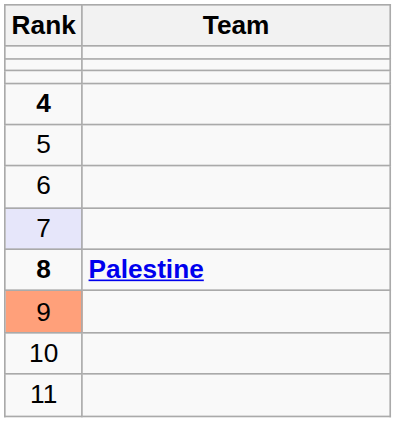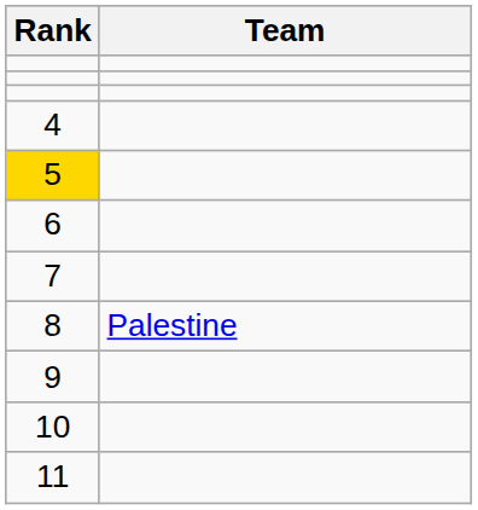 <table class="wikitable" style="text-align: center;">
 <tr>
 <th width=40>Rank</th>
 <th width=180>Team</th>
 </tr>
 <tr>
 <td></td>
 <td align="left"></td>
 </tr>
 <tr>
 <td></td>
 <td align="left"></td>
 </tr>
 <tr>
 <td></td>
 <td align="left"></td>
 </tr>
 <tr>
-<td><strong>4</strong></td>
+<td>4</td>
 <td align="left"></td>
 </tr>
 <tr>
-<td>5</td>
+<td style="background: gold;">5</td>
 <td align="left"></td>
 </tr>
 <tr>
 <td>6</td>
 <td align="left"></td>
 </tr>
 <tr>
-<td style="background: lavender;">7</td>
+<td>7</td>
 <td align="left"></td>
 </tr>
 <tr>
-<td><strong>8</strong></td>
-<td align="left"><strong> <a href='#'>Palestine</a></strong></td>
+<td>8</td>
+<td align="left"> <a href='#'>Palestine</a></td>
 </tr>
 <tr>
-<td style="background: lightsalmon;">9</td>
+<td>9</td>
 <td align="left"></td>
 </tr>
 <tr>
 <td>10</td>
 <td align="left"></td>
 </tr>
 <tr>
 <td>11</td>
 <td align="left"></td>
 </tr>
 </table>
